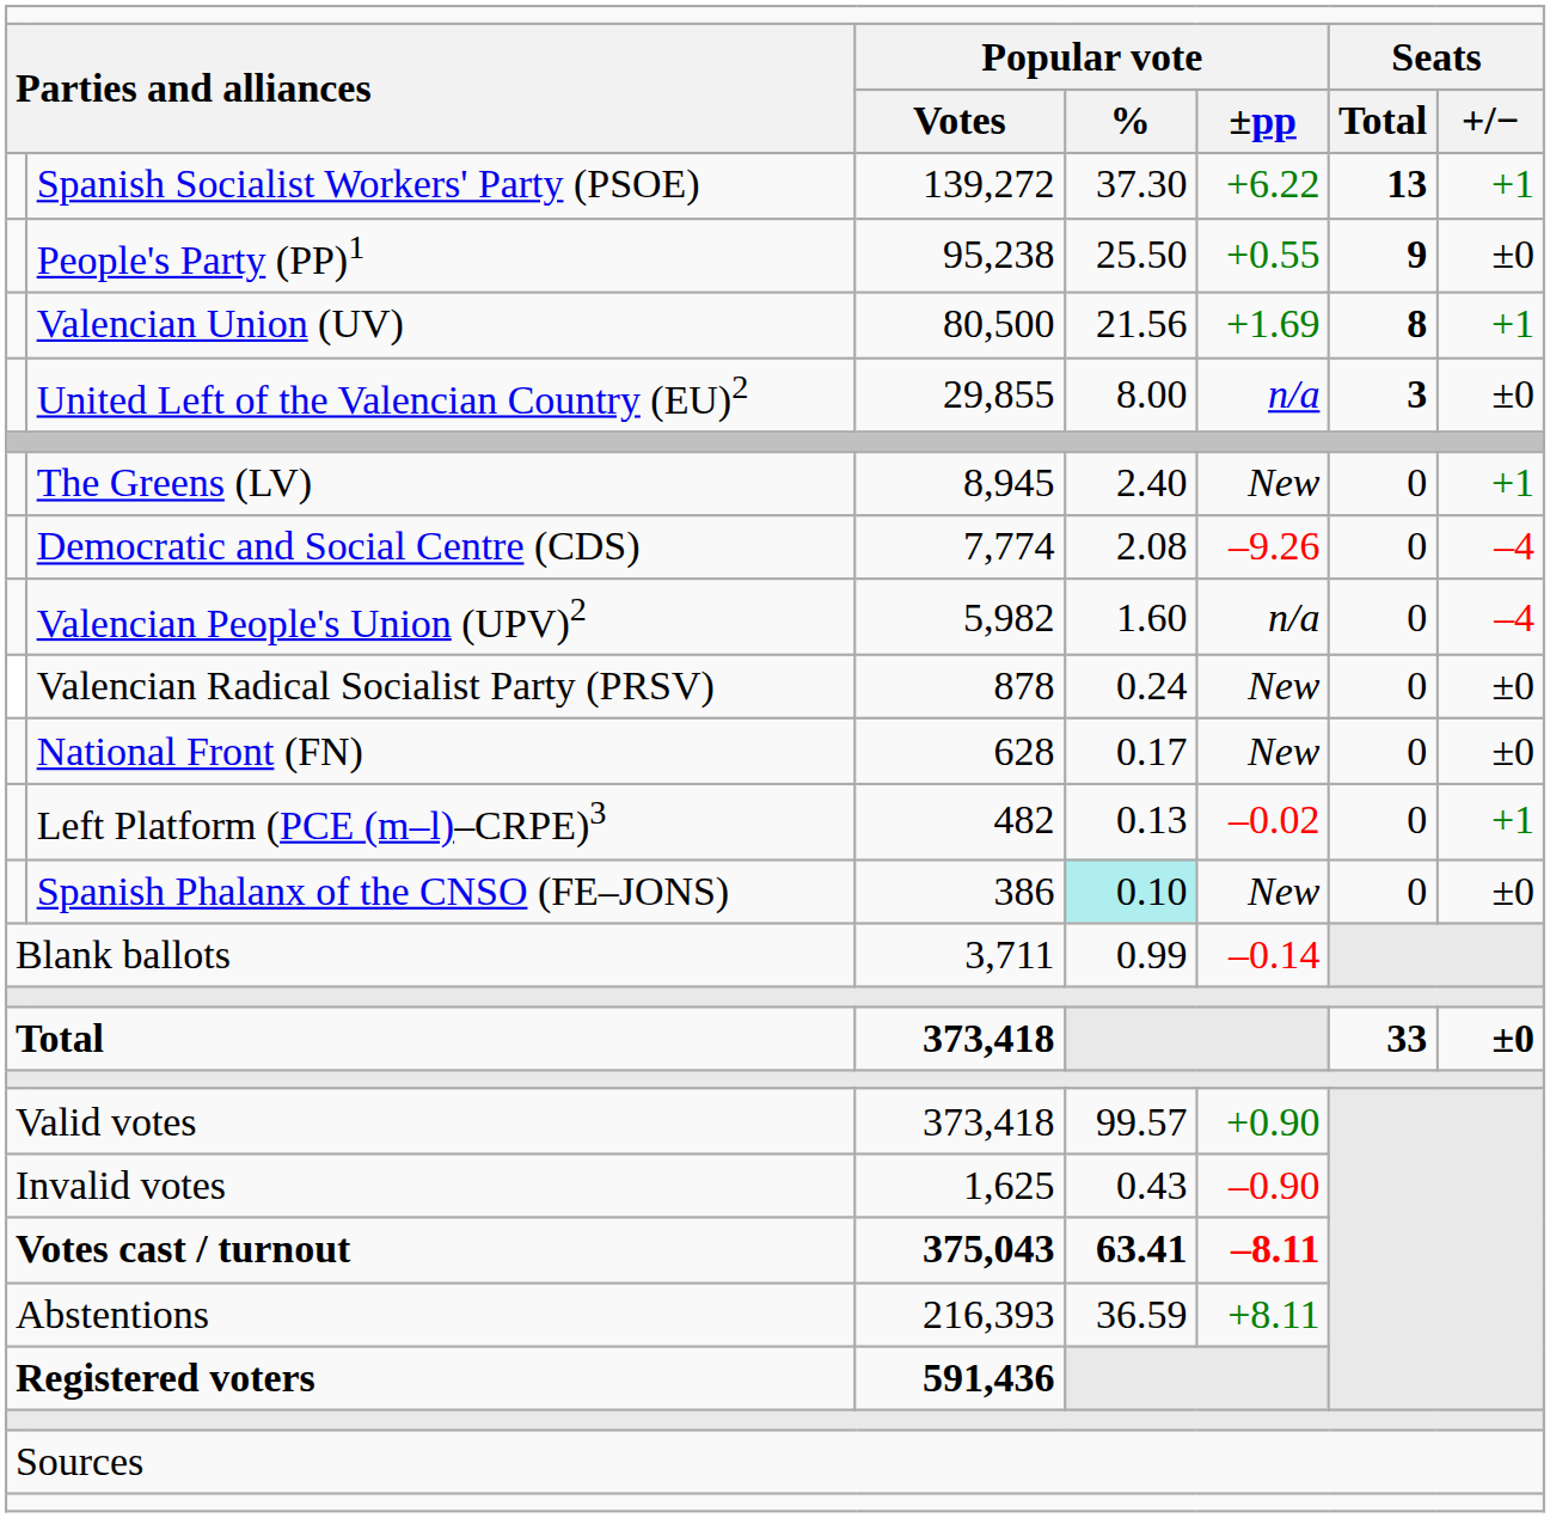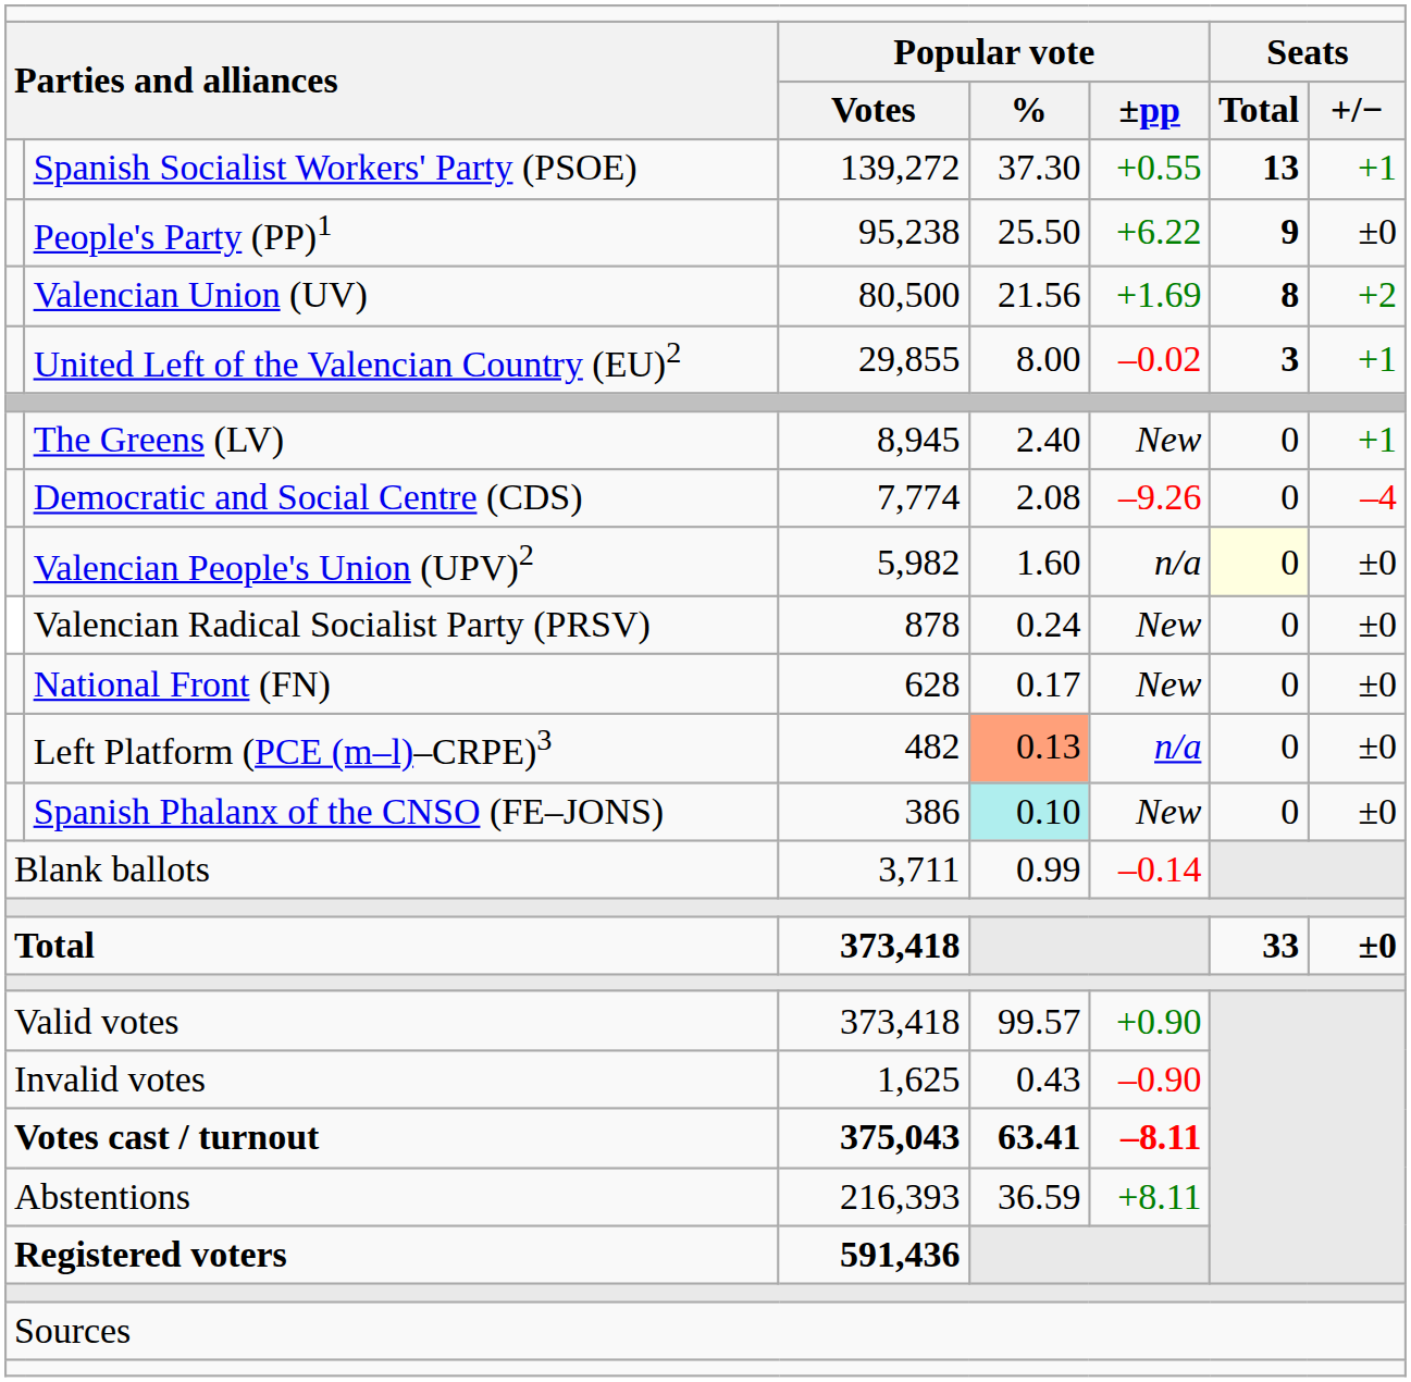 <table class="wikitable" style="text-align:right;">
 <tr>
 <td colspan="7"></td>
 </tr>
 <tr>
 <th style="text-align:left;" rowspan="2" colspan="2" width="525">Parties and alliances</th>
 <th colspan="3">Popular vote</th>
 <th colspan="2">Seats</th>
 </tr>
 <tr>
 <th width="75">Votes</th>
 <th width="45">%</th>
 <th width="45">±<a href='#'>pp</a></th>
 <th width="35">Total</th>
 <th width="35">+/−</th>
 </tr>
 <tr>
 <td width="1" style="color:inherit;background:"></td>
 <td align="left"><a href='#'>Spanish Socialist Workers' Party</a> (PSOE)</td>
 <td>139,272</td>
 <td>37.30</td>
-<td style="color:green;">+6.22</td>
+<td style="color:green;">+0.55</td>
 <td><strong>13</strong></td>
 <td style="color:green;">+1</td>
 </tr>
 <tr>
 <td style="color:inherit;background:"></td>
 <td align="left"><a href='#'>People's Party</a> (PP)<sup>1</sup></td>
 <td>95,238</td>
 <td>25.50</td>
-<td style="color:green;">+0.55</td>
+<td style="color:green;">+6.22</td>
 <td><strong>9</strong></td>
 <td>±0</td>
 </tr>
 <tr>
 <td style="color:inherit;background:"></td>
 <td align="left"><a href='#'>Valencian Union</a> (UV)</td>
 <td>80,500</td>
 <td>21.56</td>
 <td style="color:green;">+1.69</td>
 <td><strong>8</strong></td>
-<td style="color:green;">+1</td>
+<td style="color:green;">+2</td>
 </tr>
 <tr>
 <td style="color:inherit;background:"></td>
 <td align="left"><a href='#'>United Left of the Valencian Country</a> (EU)<sup>2</sup></td>
 <td>29,855</td>
 <td>8.00</td>
-<td><em><a href='#'>n/a</a></em></td>
+<td style="color:red;">–0.02</td>
 <td><strong>3</strong></td>
-<td>±0</td>
+<td style="color:green;">+1</td>
 </tr>
 <tr>
 <td colspan="7" bgcolor="#C0C0C0"></td>
 </tr>
 <tr>
 <td style="color:inherit;background:"></td>
 <td align="left"><a href='#'>The Greens</a> (LV)</td>
 <td>8,945</td>
 <td>2.40</td>
 <td><em>New</em></td>
 <td>0</td>
 <td style="color:green;">+1</td>
 </tr>
 <tr>
 <td style="color:inherit;background:"></td>
 <td align="left"><a href='#'>Democratic and Social Centre</a> (CDS)</td>
 <td>7,774</td>
 <td>2.08</td>
 <td style="color:red;">–9.26</td>
 <td>0</td>
 <td style="color:red;">–4</td>
 </tr>
 <tr>
 <td style="color:inherit;background:"></td>
 <td align="left"><a href='#'>Valencian People's Union</a> (UPV)<sup>2</sup></td>
 <td>5,982</td>
 <td>1.60</td>
 <td><em>n/a</em></td>
-<td>0</td>
-<td style="color:red;">–4</td>
+<td style="background: lightyellow;">0</td>
+<td>±0</td>
 </tr>
 <tr>
 <td bgcolor="white"></td>
 <td align="left">Valencian Radical Socialist Party (PRSV)</td>
 <td>878</td>
 <td>0.24</td>
 <td><em>New</em></td>
 <td>0</td>
 <td>±0</td>
 </tr>
 <tr>
 <td style="color:inherit;background:"></td>
 <td align="left"><a href='#'>National Front</a> (FN)</td>
 <td>628</td>
 <td>0.17</td>
 <td><em>New</em></td>
 <td>0</td>
 <td>±0</td>
 </tr>
 <tr>
 <td style="color:inherit;background:"></td>
 <td align="left">Left Platform (<a href='#'>PCE (m–l)</a>–CRPE)<sup>3</sup></td>
 <td>482</td>
-<td>0.13</td>
-<td style="color:red;">–0.02</td>
+<td style="background: lightsalmon;">0.13</td>
+<td><em><a href='#'>n/a</a></em></td>
 <td>0</td>
-<td style="color:green;">+1</td>
+<td>±0</td>
 </tr>
 <tr>
 <td style="color:inherit;background:"></td>
 <td align="left"><a href='#'>Spanish Phalanx of the CNSO</a> (FE–JONS)</td>
 <td>386</td>
 <td style="background: paleturquoise;">0.10</td>
 <td><em>New</em></td>
 <td>0</td>
 <td>±0</td>
 </tr>
 <tr>
 <td align="left" colspan="2">Blank ballots</td>
 <td>3,711</td>
 <td>0.99</td>
 <td style="color:red;">–0.14</td>
 <td bgcolor="#E9E9E9" colspan="2"></td>
 </tr>
 <tr>
 <td colspan="7" bgcolor="#E9E9E9"></td>
 </tr>
 <tr style="font-weight:bold;">
 <td align="left" colspan="2">Total</td>
 <td>373,418</td>
 <td bgcolor="#E9E9E9" colspan="2"></td>
 <td>33</td>
 <td>±0</td>
 </tr>
 <tr>
 <td colspan="7" bgcolor="#E9E9E9"></td>
 </tr>
 <tr>
 <td align="left" colspan="2">Valid votes</td>
 <td>373,418</td>
 <td>99.57</td>
 <td style="color:green;">+0.90</td>
 <td bgcolor="#E9E9E9" colspan="2" rowspan="5"></td>
 </tr>
 <tr>
 <td align="left" colspan="2">Invalid votes</td>
 <td>1,625</td>
 <td>0.43</td>
 <td style="color:red;">–0.90</td>
 </tr>
 <tr style="font-weight:bold;">
 <td align="left" colspan="2">Votes cast / turnout</td>
 <td>375,043</td>
 <td>63.41</td>
 <td style="color:red;">–8.11</td>
 </tr>
 <tr>
 <td align="left" colspan="2">Abstentions</td>
 <td>216,393</td>
 <td>36.59</td>
 <td style="color:green;">+8.11</td>
 </tr>
 <tr style="font-weight:bold;">
 <td align="left" colspan="2">Registered voters</td>
 <td>591,436</td>
 <td bgcolor="#E9E9E9" colspan="2"></td>
 </tr>
 <tr>
 <td colspan="7" bgcolor="#E9E9E9"></td>
 </tr>
 <tr>
 <td align="left" colspan="7">Sources</td>
 </tr>
 <tr>
 <td colspan="7" style="text-align:left; max-width:790px;"></td>
 </tr>
 </table>
